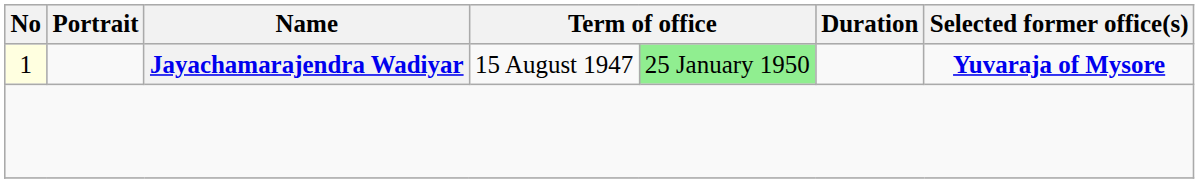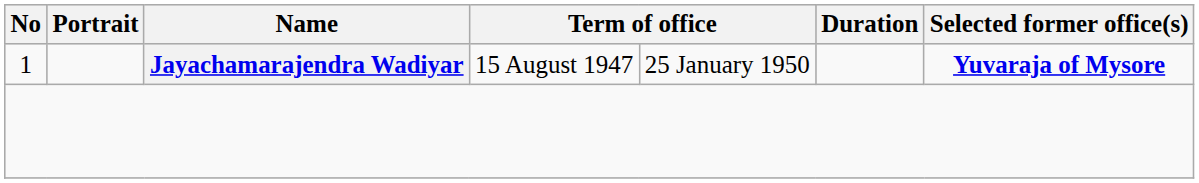 <table class="wikitable">
 <tr>
 <th>No</th>
 <th>Portrait</th>
 <th>Name</th>
 <th colspan=2>Term of office</th>
 <th scope=col>Duration</th>
 <th>Selected former office(s)</th>
 </tr>
 <tr align=center>
-<td style="background: lightyellow;">1</td>
+<td>1</td>
 <td></td>
 <th><a href='#'>Jayachamarajendra Wadiyar</a></th>
 <td>15 August 1947</td>
-<td style="background: lightgreen;">25 January 1950</td>
+<td>25 January 1950</td>
 <td></td>
 <td><strong><a href='#'>Yuvaraja of Mysore</a></strong></td>
 </tr>
 <tr align=center style="height: 60px;">
 </tr>
 </table>
